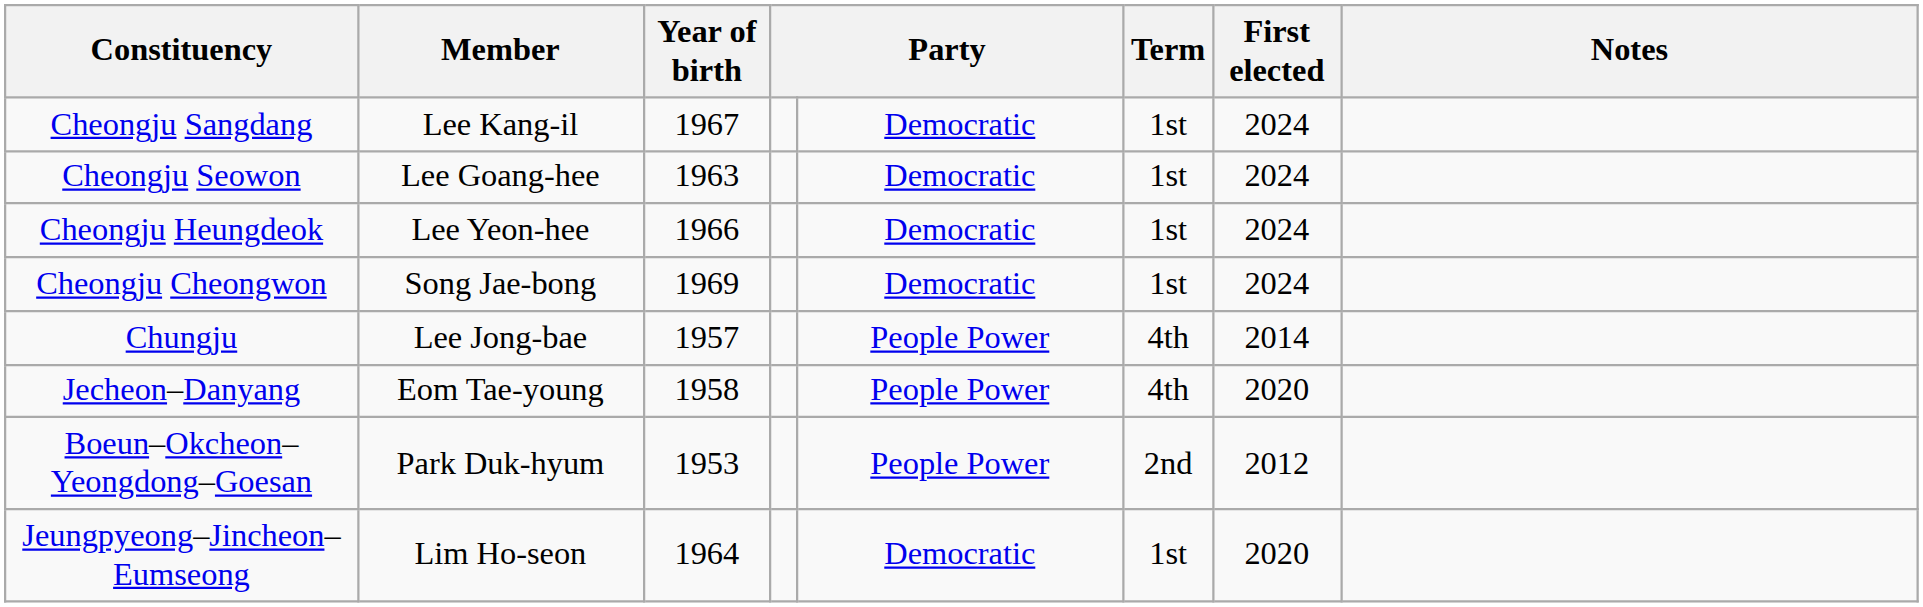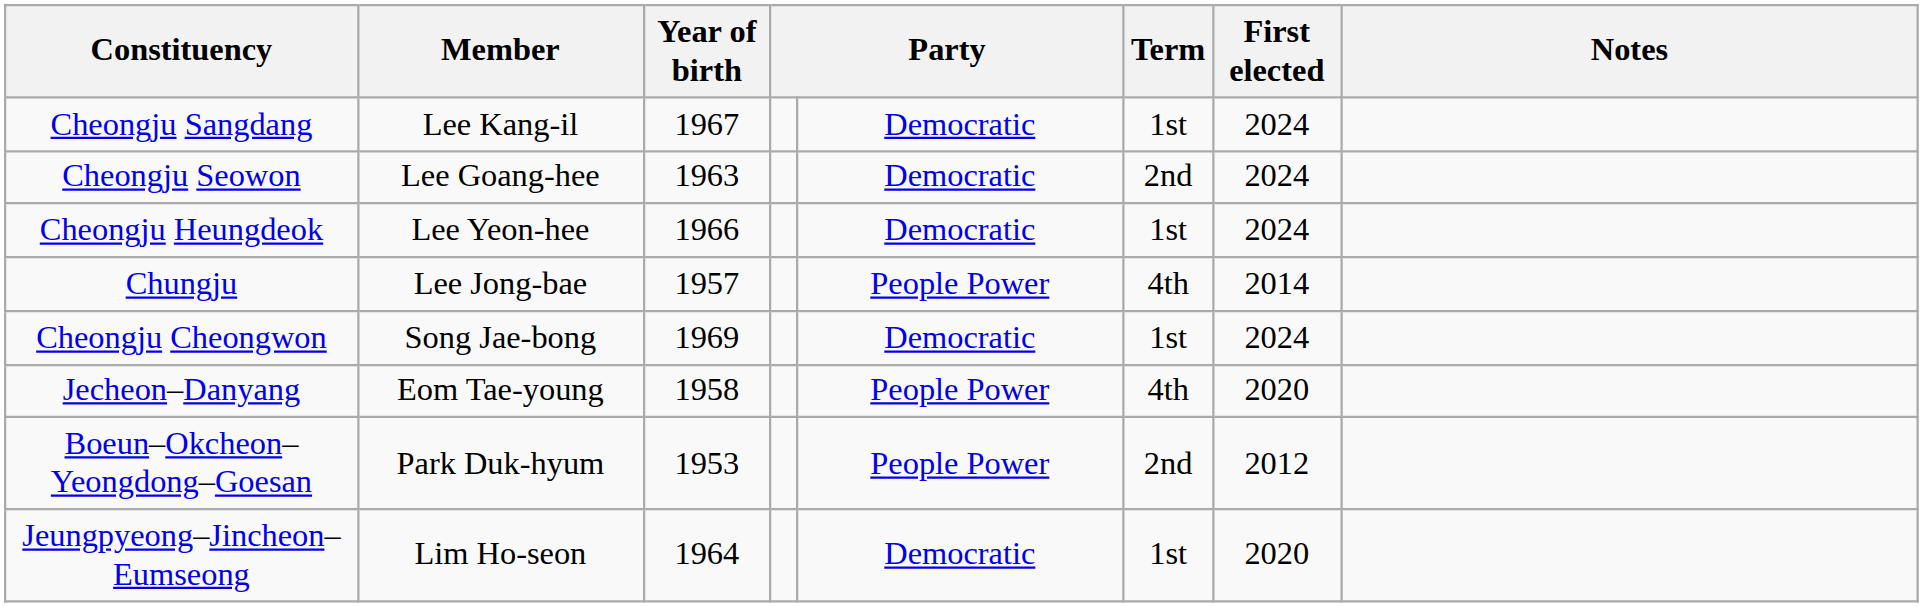 <table class="wikitable sortable" style="font-size:90%; text-align:center">
 <tr>
 <th scope="col" style="width:150px;">Constituency</th>
 <th scope="col" style="width:120px;">Member</th>
 <th scope="col" style="width:50px;">Year of birth</th>
 <th scope="col" style="width:150px;" colspan="2">Party</th>
 <th scope="col" style="width:20px;">Term</th>
 <th scope="col" style="width:50px;">First elected</th>
 <th scope="col" style="width:250px;" class="unsortable">Notes</th>
 </tr>
 <tr>
 <td><a href='#'>Cheongju</a> <a href='#'>Sangdang</a></td>
 <td>Lee Kang-il</td>
 <td>1967</td>
 <td scope="row" style="background-color:"></td>
 <td><a href='#'>Democratic</a></td>
 <td>1st</td>
 <td>2024</td>
 </tr>
 <tr>
 <td><a href='#'>Cheongju</a> <a href='#'>Seowon</a></td>
 <td>Lee Goang-hee</td>
 <td>1963</td>
 <td scope="row" style="background-color:"></td>
 <td><a href='#'>Democratic</a></td>
-<td>1st</td>
+<td>2nd</td>
 <td>2024</td>
 <td></td>
 </tr>
 <tr>
 <td><a href='#'>Cheongju</a> <a href='#'>Heungdeok</a></td>
 <td>Lee Yeon-hee</td>
 <td>1966</td>
 <td scope="row" style="background-color:"></td>
 <td><a href='#'>Democratic</a></td>
 <td>1st</td>
 <td>2024</td>
 <td></td>
 </tr>
 <tr>
+<td><a href='#'>Chungju</a></td>
+<td>Lee Jong-bae</td>
+<td>1957</td>
+<td scope="row" style="background-color:"></td>
+<td><a href='#'>People Power</a></td>
+<td>4th</td>
+<td>2014</td>
+<td></td>
+</tr>
+<tr>
 <td><a href='#'>Cheongju</a> <a href='#'>Cheongwon</a></td>
 <td>Song Jae-bong</td>
 <td>1969</td>
 <td scope="row" style="background-color:"></td>
 <td><a href='#'>Democratic</a></td>
 <td>1st</td>
 <td>2024</td>
-<td></td>
-</tr>
-<tr>
-<td><a href='#'>Chungju</a></td>
-<td>Lee Jong-bae</td>
-<td>1957</td>
-<td scope="row" style="background-color:"></td>
-<td><a href='#'>People Power</a></td>
-<td>4th</td>
-<td>2014</td>
 <td></td>
 </tr>
 <tr>
 <td><a href='#'>Jecheon</a>–<a href='#'>Danyang</a></td>
 <td>Eom Tae-young</td>
 <td>1958</td>
 <td scope="row" style="background-color:"></td>
 <td><a href='#'>People Power</a></td>
 <td>4th</td>
 <td>2020</td>
 </tr>
 <tr>
 <td><a href='#'>Boeun</a>–<a href='#'>Okcheon</a>–<a href='#'>Yeongdong</a>–<a href='#'>Goesan</a></td>
 <td>Park Duk-hyum</td>
 <td>1953</td>
 <td scope="row" style="background-color:"></td>
 <td><a href='#'>People Power</a></td>
 <td>2nd</td>
 <td>2012</td>
 <td></td>
 </tr>
 <tr>
 <td><a href='#'>Jeungpyeong</a>–<a href='#'>Jincheon</a>–<a href='#'>Eumseong</a></td>
 <td>Lim Ho-seon</td>
 <td>1964</td>
 <td scope="row" style="background-color:"></td>
 <td><a href='#'>Democratic</a></td>
 <td>1st</td>
 <td>2020</td>
 <td></td>
 </tr>
 </table>
